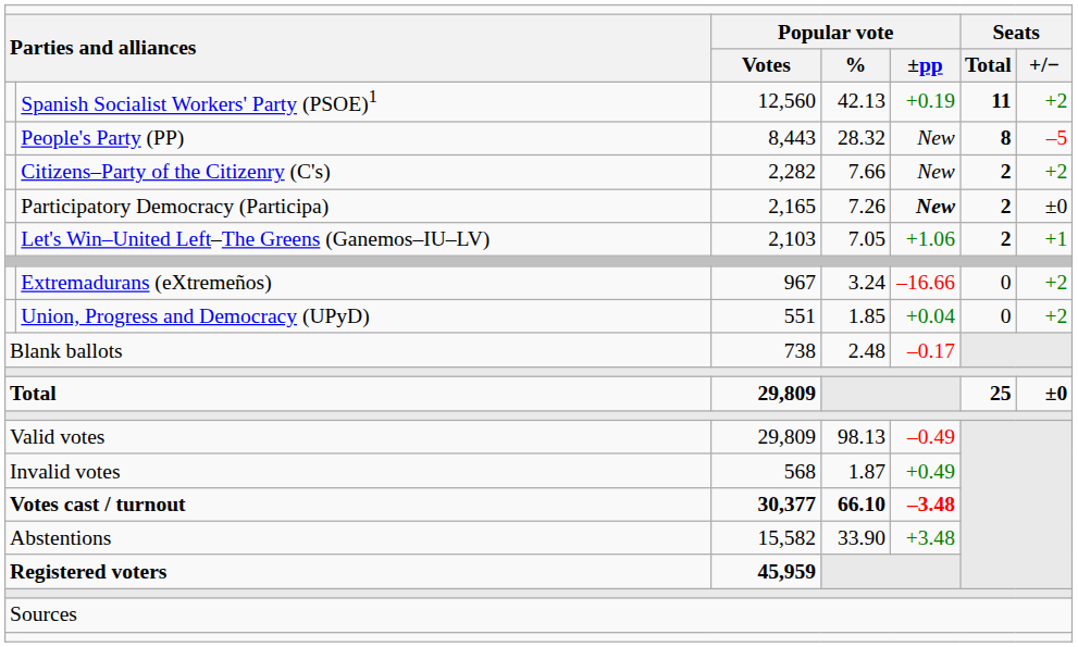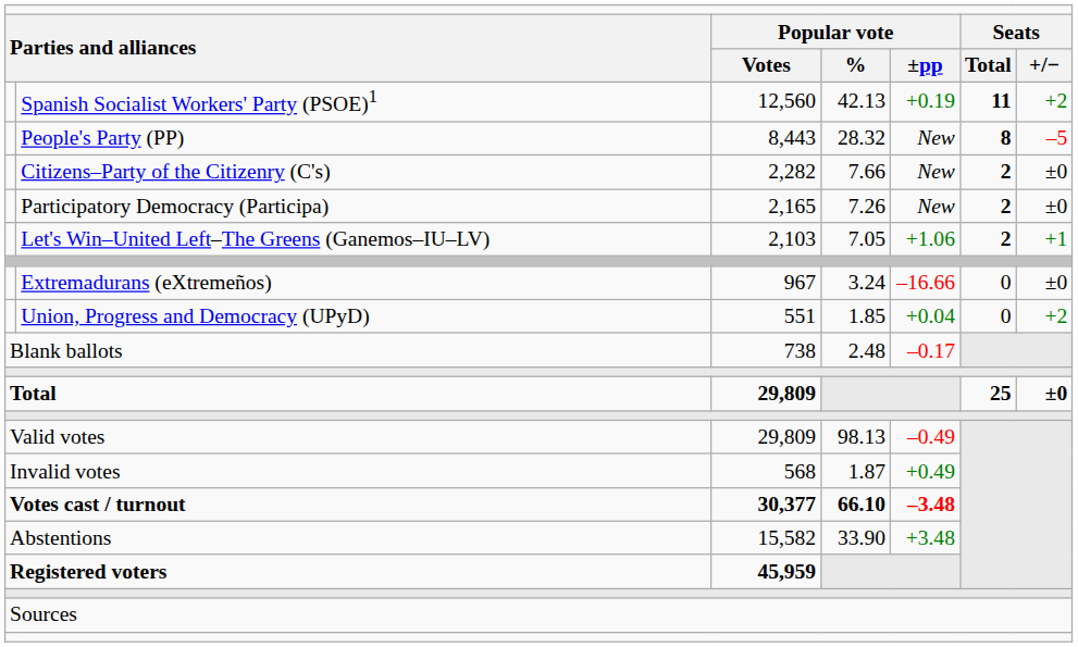 <table class="wikitable" style="text-align:right;">
 <tr>
 <td colspan="7"></td>
 </tr>
 <tr>
 <th style="text-align:left;" rowspan="2" colspan="2" width="525">Parties and alliances</th>
 <th colspan="3">Popular vote</th>
 <th colspan="2">Seats</th>
 </tr>
 <tr>
 <th width="75">Votes</th>
 <th width="45">%</th>
 <th width="45">±<a href='#'>pp</a></th>
 <th width="35">Total</th>
 <th width="35">+/−</th>
 </tr>
 <tr>
 <td width="1" style="color:inherit;background:"></td>
 <td align="left"><a href='#'>Spanish Socialist Workers' Party</a> (PSOE)<sup>1</sup></td>
 <td>12,560</td>
 <td>42.13</td>
 <td style="color:green;">+0.19</td>
 <td><strong>11</strong></td>
 <td style="color:green;">+2</td>
 </tr>
 <tr>
 <td style="color:inherit;background:"></td>
 <td align="left"><a href='#'>People's Party</a> (PP)</td>
 <td>8,443</td>
 <td>28.32</td>
 <td><em>New</em></td>
 <td><strong>8</strong></td>
 <td style="color:red;">–5</td>
 </tr>
 <tr>
 <td style="color:inherit;background:"></td>
 <td align="left"><a href='#'>Citizens–Party of the Citizenry</a> (C's)</td>
 <td>2,282</td>
 <td>7.66</td>
 <td><em>New</em></td>
 <td><strong>2</strong></td>
-<td style="color:green;">+2</td>
+<td>±0</td>
 </tr>
 <tr>
 <td style="color:inherit;background:"></td>
 <td align="left">Participatory Democracy (Participa)</td>
 <td>2,165</td>
 <td>7.26</td>
-<td><strong><em>New</em></strong></td>
+<td><em>New</em></td>
 <td><strong>2</strong></td>
 <td>±0</td>
 </tr>
 <tr>
 <td style="color:inherit;background:"></td>
 <td align="left"><a href='#'>Let's Win–United Left</a>–<a href='#'>The Greens</a> (Ganemos–IU–LV)</td>
 <td>2,103</td>
 <td>7.05</td>
 <td style="color:green;">+1.06</td>
 <td><strong>2</strong></td>
 <td style="color:green;">+1</td>
 </tr>
 <tr>
 <td colspan="7" bgcolor="#C0C0C0"></td>
 </tr>
 <tr>
 <td style="color:inherit;background:"></td>
 <td align="left"><a href='#'>Extremadurans</a> (eXtremeños)</td>
 <td>967</td>
 <td>3.24</td>
 <td style="color:red;">–16.66</td>
 <td>0</td>
-<td style="color:green;">+2</td>
+<td>±0</td>
 </tr>
 <tr>
 <td style="color:inherit;background:"></td>
 <td align="left"><a href='#'>Union, Progress and Democracy</a> (UPyD)</td>
 <td>551</td>
 <td>1.85</td>
 <td style="color:green;">+0.04</td>
 <td>0</td>
 <td style="color:green;">+2</td>
 </tr>
 <tr>
 <td align="left" colspan="2">Blank ballots</td>
 <td>738</td>
 <td>2.48</td>
 <td style="color:red;">–0.17</td>
 <td bgcolor="#E9E9E9" colspan="2"></td>
 </tr>
 <tr>
 <td colspan="7" bgcolor="#E9E9E9"></td>
 </tr>
 <tr style="font-weight:bold;">
 <td align="left" colspan="2">Total</td>
 <td>29,809</td>
 <td bgcolor="#E9E9E9" colspan="2"></td>
 <td>25</td>
 <td>±0</td>
 </tr>
 <tr>
 <td colspan="7" bgcolor="#E9E9E9"></td>
 </tr>
 <tr>
 <td align="left" colspan="2">Valid votes</td>
 <td>29,809</td>
 <td>98.13</td>
 <td style="color:red;">–0.49</td>
 <td bgcolor="#E9E9E9" colspan="2" rowspan="5"></td>
 </tr>
 <tr>
 <td align="left" colspan="2">Invalid votes</td>
 <td>568</td>
 <td>1.87</td>
 <td style="color:green;">+0.49</td>
 </tr>
 <tr style="font-weight:bold;">
 <td align="left" colspan="2">Votes cast / turnout</td>
 <td>30,377</td>
 <td>66.10</td>
 <td style="color:red;">–3.48</td>
 </tr>
 <tr>
 <td align="left" colspan="2">Abstentions</td>
 <td>15,582</td>
 <td>33.90</td>
 <td style="color:green;">+3.48</td>
 </tr>
 <tr style="font-weight:bold;">
 <td align="left" colspan="2">Registered voters</td>
 <td>45,959</td>
 <td bgcolor="#E9E9E9" colspan="2"></td>
 </tr>
 <tr>
 <td colspan="7" bgcolor="#E9E9E9"></td>
 </tr>
 <tr>
 <td align="left" colspan="7">Sources</td>
 </tr>
 <tr>
 <td colspan="7" style="text-align:left; max-width:790px;"></td>
 </tr>
 </table>
